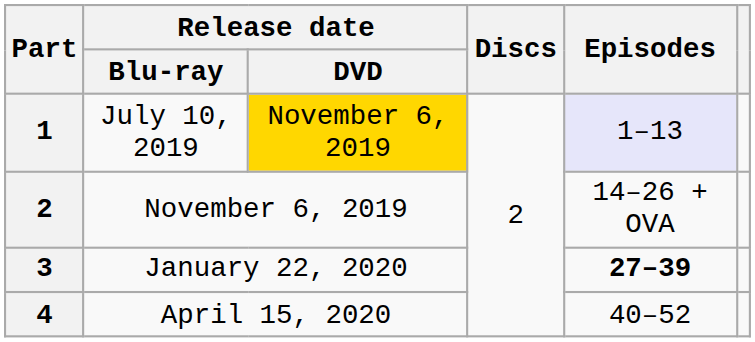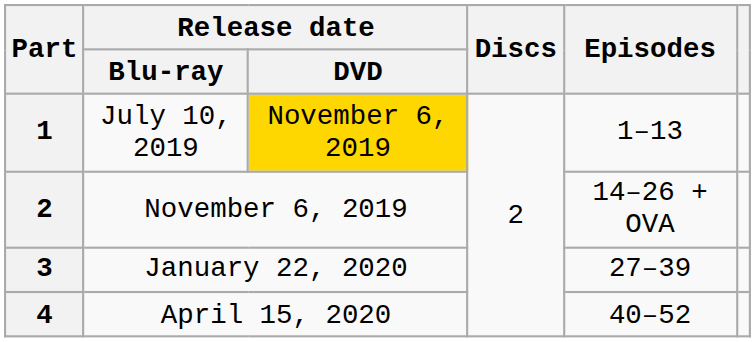 <table class="wikitable" style="text-align: center; width: 28%;">
 <tr>
 <th rowspan="2">Part</th>
 <th colspan="2">Release date</th>
 <th rowspan="2">Discs</th>
 <th rowspan="2">Episodes</th>
 <th rowspan="2"></th>
 </tr>
 <tr>
 <th>Blu-ray</th>
 <th>DVD</th>
 </tr>
 <tr>
 <th scope="row">1</th>
 <td>July 10, 2019</td>
 <td style="background: gold;">November 6, 2019</td>
 <td rowspan="9">2</td>
-<td style="background: lavender;">1–13</td>
+<td>1–13</td>
 <td></td>
 </tr>
 <tr>
 <th scope="row">2</th>
 <td colspan="2">November 6, 2019</td>
 <td>14–26 + OVA</td>
 <td></td>
 </tr>
 <tr>
 <th scope="row">3</th>
 <td colspan="2">January 22, 2020</td>
-<td><strong>27–39</strong></td>
+<td>27–39</td>
 <td></td>
 </tr>
 <tr>
 <th scope="row">4</th>
 <td colspan="2">April 15, 2020</td>
 <td>40–52</td>
 <td></td>
 </tr>
 </table>
